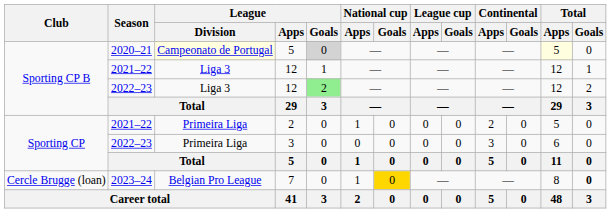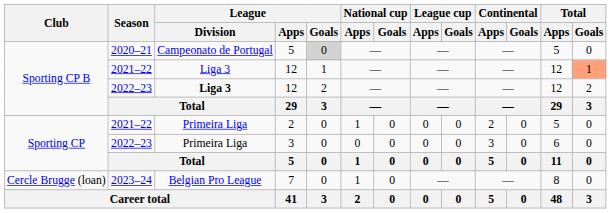 <table class="wikitable" style="text-align:center">
 <tr>
 <th rowspan="2">Club</th>
 <th rowspan="2">Season</th>
 <th colspan="3">League</th>
 <th colspan="2">National cup</th>
 <th colspan="2">League cup</th>
 <th colspan="2">Continental</th>
 <th colspan="2">Total</th>
 </tr>
 <tr>
 <th>Division</th>
 <th>Apps</th>
 <th>Goals</th>
 <th>Apps</th>
 <th>Goals</th>
 <th>Apps</th>
 <th>Goals</th>
 <th>Apps</th>
 <th>Goals</th>
 <th>Apps</th>
 <th>Goals</th>
 </tr>
 <tr>
 <td rowspan="4"><a href='#'>Sporting CP B</a></td>
 <td><a href='#'>2020–21</a></td>
-<td style="background: lightyellow;"><a href='#'>Campeonato de Portugal</a></td>
+<td><a href='#'>Campeonato de Portugal</a></td>
 <td>5</td>
 <td style="background: lightgrey;">0</td>
 <td colspan="2">—</td>
 <td colspan="2">—</td>
 <td colspan="2">—</td>
-<td style="background: lightyellow;">5</td>
+<td>5</td>
 <td>0</td>
 </tr>
 <tr>
 <td><a href='#'>2021–22</a></td>
 <td><a href='#'>Liga 3</a></td>
 <td>12</td>
 <td>1</td>
 <td colspan="2">—</td>
 <td colspan="2">—</td>
 <td colspan="2">—</td>
 <td>12</td>
-<td>1</td>
+<td style="background: lightsalmon;">1</td>
 </tr>
 <tr>
 <td><a href='#'>2022–23</a></td>
-<td>Liga 3</td>
+<td><strong>Liga 3</strong></td>
 <td>12</td>
-<td style="background: lightgreen;">2</td>
+<td>2</td>
 <td colspan="2">—</td>
 <td colspan="2">—</td>
 <td colspan="2">—</td>
 <td>12</td>
 <td>2</td>
 </tr>
 <tr>
 <th colspan="2">Total</th>
 <th>29</th>
 <th>3</th>
 <th colspan="2">—</th>
 <th colspan="2">—</th>
 <th colspan="2">—</th>
 <th>29</th>
 <th>3</th>
 </tr>
 <tr>
 <td rowspan="3"><a href='#'>Sporting CP</a></td>
 <td><a href='#'>2021–22</a></td>
 <td><a href='#'>Primeira Liga</a></td>
 <td>2</td>
 <td>0</td>
 <td>1</td>
 <td>0</td>
 <td>0</td>
 <td>0</td>
 <td>2</td>
 <td>0</td>
 <td>5</td>
 <td>0</td>
 </tr>
 <tr>
 <td><a href='#'>2022–23</a></td>
 <td>Primeira Liga</td>
 <td>3</td>
 <td>0</td>
 <td>0</td>
 <td>0</td>
 <td>0</td>
 <td>0</td>
 <td>3</td>
 <td>0</td>
 <td>6</td>
 <td>0</td>
 </tr>
 <tr>
 <th colspan="2">Total</th>
 <th>5</th>
 <th>0</th>
 <th>1</th>
 <th>0</th>
 <th>0</th>
 <th>0</th>
 <th>5</th>
 <th>0</th>
 <th>11</th>
 <th>0</th>
 </tr>
 <tr>
 <td><a href='#'>Cercle Brugge</a> (loan)</td>
 <td><a href='#'>2023–24</a></td>
 <td><a href='#'>Belgian Pro League</a></td>
 <td>7</td>
 <td>0</td>
 <td>1</td>
-<td style="background: gold;">0</td>
+<td>0</td>
 <td colspan="2">—</td>
 <td colspan="2">—</td>
 <td>8</td>
-<td><strong>0</strong></td>
+<td>0</td>
 </tr>
 <tr>
 <th colspan="3">Career total</th>
 <th>41</th>
 <th>3</th>
 <th>2</th>
 <th>0</th>
 <th>0</th>
 <th>0</th>
 <th>5</th>
 <th>0</th>
 <th>48</th>
 <th>3</th>
 </tr>
 </table>
